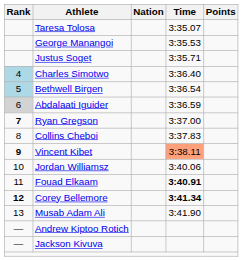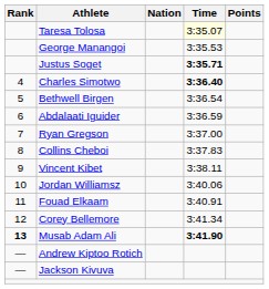 <table class="wikitable sortable" style="text-align:center;">
 <tr>
 <th scope="col" style="width: 10px;">Rank</th>
 <th scope="col">Athlete</th>
 <th scope="col">Nation</th>
 <th scope="col">Time</th>
 <th scope="col">Points</th>
 </tr>
 <tr>
 <td></td>
 <td align=left><a href='#'>Taresa Tolosa</a></td>
 <td align=left></td>
-<td>3:35.07</td>
+<td style="background: lightyellow;">3:35.07</td>
 <td></td>
 </tr>
 <tr>
 <td></td>
 <td align=left><a href='#'>George Manangoi</a></td>
 <td align=left></td>
 <td>3:35.53</td>
 <td></td>
 </tr>
 <tr>
 <td></td>
 <td align=left><a href='#'>Justus Soget</a></td>
 <td align=left></td>
-<td>3:35.71</td>
+<td><strong>3:35.71</strong></td>
 <td></td>
 </tr>
 <tr>
-<td style="background: lightblue;">4</td>
+<td>4</td>
 <td align=left><a href='#'>Charles Simotwo</a></td>
 <td align=left></td>
-<td>3:36.40</td>
+<td><strong>3:36.40</strong></td>
 <td></td>
 </tr>
 <tr>
-<td style="background: lightblue;">5</td>
+<td>5</td>
 <td align=left><a href='#'>Bethwell Birgen</a></td>
 <td align=left></td>
 <td>3:36.54</td>
 <td></td>
 </tr>
 <tr>
-<td style="background: lightgrey;">6</td>
+<td>6</td>
 <td align=left><a href='#'>Abdalaati Iguider</a></td>
 <td align=left></td>
 <td>3:36.59</td>
 <td></td>
 </tr>
 <tr>
-<td><strong>7</strong></td>
+<td>7</td>
 <td align=left><a href='#'>Ryan Gregson</a></td>
 <td align=left></td>
 <td>3:37.00</td>
 <td></td>
 </tr>
 <tr>
 <td>8</td>
 <td align=left><a href='#'>Collins Cheboi</a></td>
 <td align=left></td>
 <td>3:37.83</td>
 <td></td>
 </tr>
 <tr>
-<td><strong>9</strong></td>
+<td>9</td>
 <td align=left><a href='#'>Vincent Kibet</a></td>
 <td align=left></td>
-<td style="background: lightsalmon;">3:38.11</td>
+<td>3:38.11</td>
 <td></td>
 </tr>
 <tr>
 <td>10</td>
 <td align=left><a href='#'>Jordan Williamsz</a></td>
 <td align=left></td>
 <td>3:40.06</td>
 <td></td>
 </tr>
 <tr>
 <td>11</td>
 <td align=left><a href='#'>Fouad Elkaam</a></td>
 <td align=left></td>
-<td><strong>3:40.91</strong></td>
+<td>3:40.91</td>
 <td></td>
 </tr>
 <tr>
-<td><strong>12</strong></td>
+<td>12</td>
 <td align=left><a href='#'>Corey Bellemore</a></td>
 <td align=left></td>
-<td><strong>3:41.34</strong></td>
+<td>3:41.34</td>
 <td></td>
 </tr>
 <tr>
-<td>13</td>
+<td><strong>13</strong></td>
 <td align=left><a href='#'>Musab Adam Ali</a></td>
 <td align=left></td>
-<td>3:41.90</td>
+<td><strong>3:41.90</strong></td>
 <td></td>
 </tr>
 <tr>
 <td>—</td>
 <td align=left><a href='#'>Andrew Kiptoo Rotich</a></td>
 <td align=left></td>
 <td></td>
 <td></td>
 </tr>
 <tr>
 <td>—</td>
 <td align=left><a href='#'>Jackson Kivuva</a></td>
 <td align=left></td>
 <td></td>
 <td></td>
 </tr>
 <tr class="sortbottom">
 <td colspan=5></td>
 </tr>
 </table>
